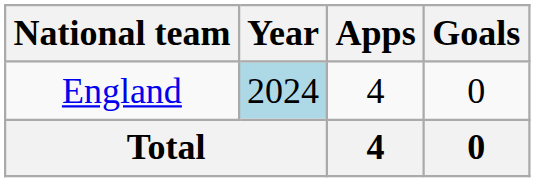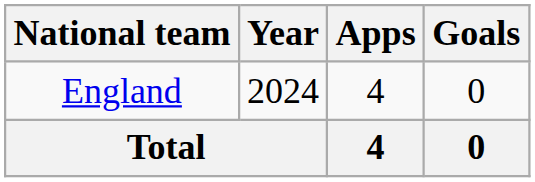 <table class="wikitable" style="text-align: center;">
 <tr>
 <th>National team</th>
 <th>Year</th>
 <th>Apps</th>
 <th>Goals</th>
 </tr>
 <tr>
 <td><a href='#'>England</a></td>
-<td style="background: lightblue;">2024</td>
+<td>2024</td>
 <td>4</td>
 <td>0</td>
 </tr>
 <tr>
 <th colspan="2">Total</th>
 <th>4</th>
 <th>0</th>
 </tr>
 </table>
